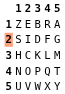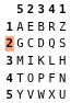 <table>
 <tr>
 <td> </td>
-<td><strong>1</strong></td>
+<td><strong>5</strong></td>
 <td><strong>2</strong></td>
 <td><strong>3</strong></td>
 <td><strong>4</strong></td>
-<td><strong>5</strong></td>
+<td><strong>1</strong></td>
 </tr>
 <tr>
 <td><strong>1</strong></td>
-<td>Z</td>
+<td>A</td>
 <td>E</td>
 <td>B</td>
 <td>R</td>
-<td>A</td>
+<td>Z</td>
 </tr>
 <tr>
 <td style="background: lightsalmon;"><strong>2</strong></td>
+<td>G</td>
+<td>C</td>
+<td>D</td>
+<td>Q</td>
 <td>S</td>
-<td>I</td>
-<td>D</td>
-<td>F</td>
-<td>G</td>
 </tr>
 <tr>
 <td><strong>3</strong></td>
-<td>H</td>
-<td>C</td>
+<td>M</td>
+<td>I</td>
 <td>K</td>
 <td>L</td>
-<td>M</td>
+<td>H</td>
 </tr>
 <tr>
 <td><strong>4</strong></td>
-<td>N</td>
+<td>T</td>
 <td>O</td>
 <td>P</td>
-<td>Q</td>
-<td>T</td>
+<td>F</td>
+<td>N</td>
 </tr>
 <tr>
 <td><strong>5</strong></td>
-<td>U</td>
+<td>Y</td>
 <td>V</td>
 <td>W</td>
 <td>X</td>
-<td>Y</td>
+<td>U</td>
 </tr>
 </table>
